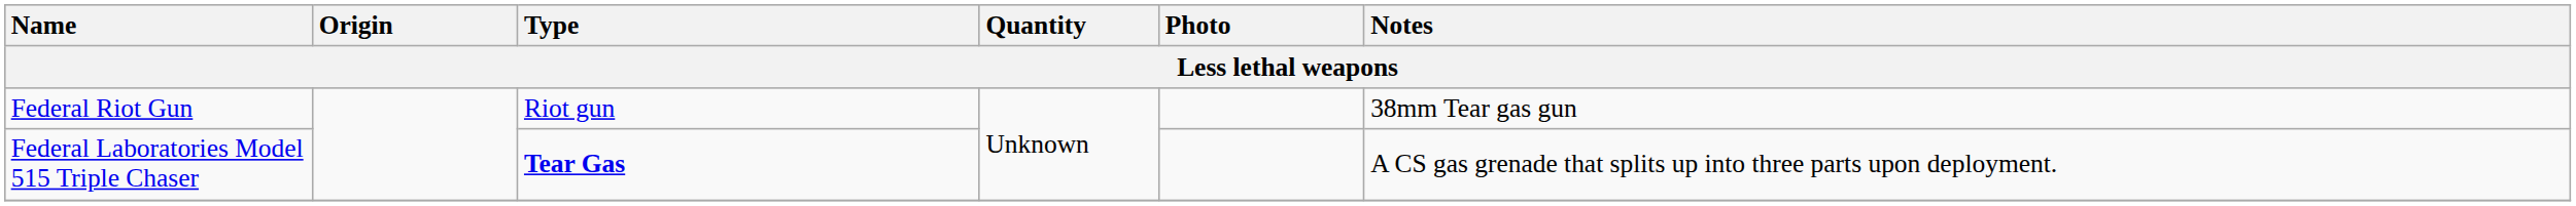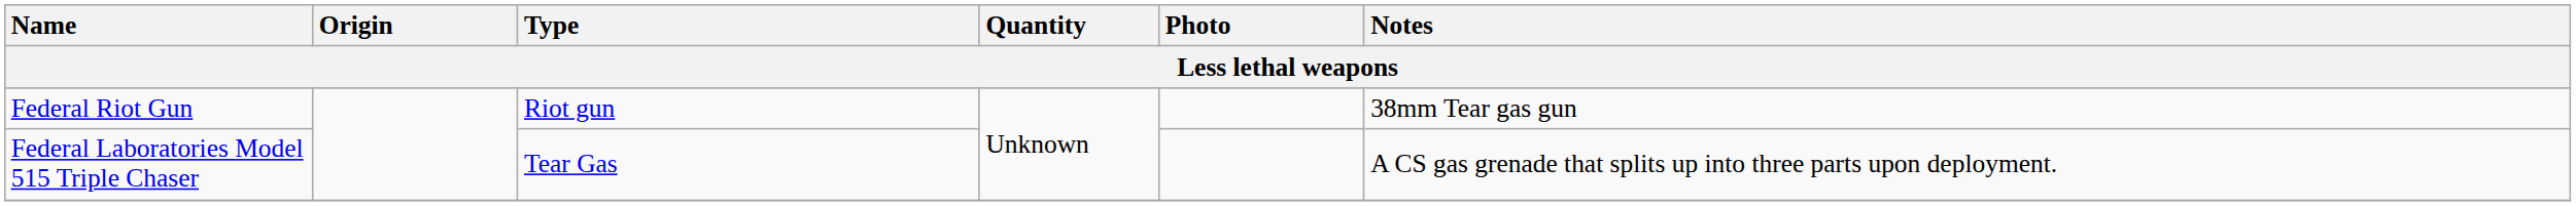 <table class="wikitable">
 <tr>
 <th style="text-align: left; width:12%;">Name</th>
 <th style="text-align: left; width:8%;">Origin</th>
 <th style="text-align: left; width:18%;">Type</th>
 <th style="text-align: left; width:7%;">Quantity</th>
 <th style="text-align: left;width:8%;">Photo</th>
 <th style="text-align: left;width:47%;">Notes</th>
 </tr>
 <tr>
 <th style="align: center;" colspan="7">Less lethal weapons</th>
 </tr>
 <tr>
 <td><a href='#'>Federal Riot Gun</a></td>
 <td rowspan="2"></td>
 <td><a href='#'>Riot gun</a></td>
 <td rowspan="2">Unknown</td>
 <td></td>
 <td>38mm Tear gas gun</td>
 </tr>
 <tr>
 <td><a href='#'>Federal Laboratories Model 515 Triple Chaser</a></td>
-<td><strong><a href='#'>Tear Gas</a></strong></td>
+<td><a href='#'>Tear Gas</a></td>
 <td></td>
 <td>A CS gas grenade that splits up into three parts upon deployment.</td>
 </tr>
 <tr>
 </tr>
 </table>
